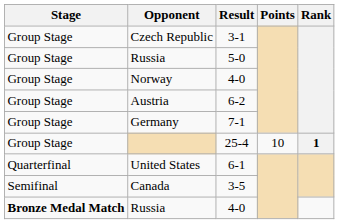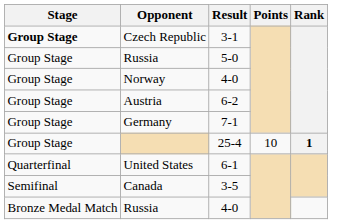 <table class="wikitable" style="font-size:90%">
 <tr>
 <th rowspan="1">Stage</th>
 <th rowspan="1">Opponent</th>
 <th rowspan="1">Result</th>
 <th rowspan="1">Points</th>
 <th rowspan="1">Rank</th>
 </tr>
 <tr>
-<td>Group Stage</td>
+<td><strong>Group Stage</strong></td>
 <td> Czech Republic</td>
 <td align="center">3-1</td>
 <td rowspan="5" bgcolor="wheat"></td>
 <th rowspan="5" bgcolor="wheat"></th>
 </tr>
 <tr>
 <td>Group Stage</td>
 <td> Russia</td>
 <td align="center">5-0</td>
 </tr>
 <tr>
 <td>Group Stage</td>
 <td> Norway</td>
 <td align="center">4-0</td>
 </tr>
 <tr>
 <td>Group Stage</td>
 <td> Austria</td>
 <td align="center">6-2</td>
 </tr>
 <tr>
 <td>Group Stage</td>
 <td> Germany</td>
 <td align="center">7-1</td>
 </tr>
 <tr>
 <td>Group Stage</td>
 <td bgcolor="wheat"></td>
 <td align="center">25-4</td>
 <td align="center">10</td>
 <th align="center">1</th>
 </tr>
 <tr>
 <td>Quarterfinal</td>
 <td> United States</td>
 <td align="center">6-1</td>
 <td rowspan="3" bgcolor="wheat"></td>
 <td rowspan="2" bgcolor="wheat"></td>
 </tr>
 <tr>
 <td>Semifinal</td>
 <td> Canada</td>
 <td align="center">3-5</td>
 </tr>
 <tr>
-<td><strong>Bronze Medal Match</strong></td>
+<td>Bronze Medal Match</td>
 <td> Russia</td>
 <td align="center">4-0</td>
 <td></td>
 </tr>
 </table>
